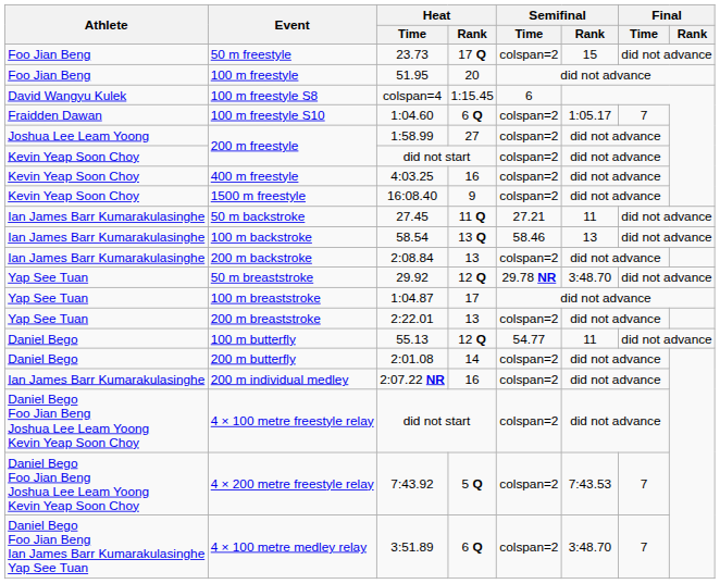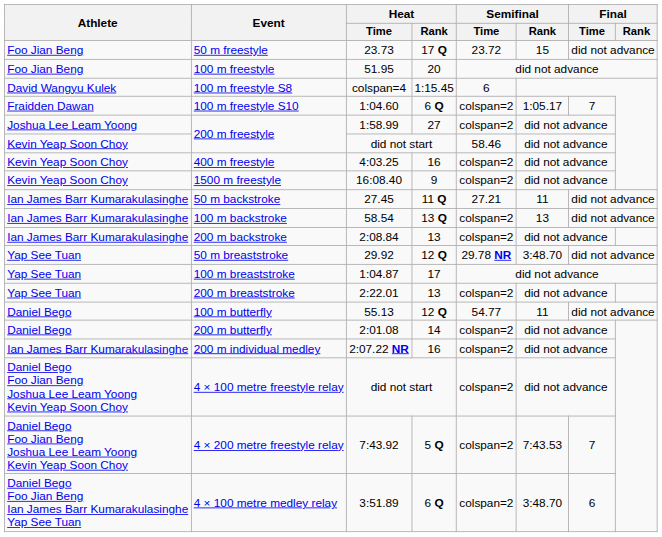 <table class=wikitable style=font-size:90%>
 <tr>
 <th rowspan=2>Athlete</th>
 <th rowspan=2>Event</th>
 <th colspan=2>Heat</th>
 <th colspan=2>Semifinal</th>
 <th colspan=2>Final</th>
 </tr>
 <tr style=font-size:95%>
 <th>Time</th>
 <th>Rank</th>
 <th>Time</th>
 <th>Rank</th>
 <th>Time</th>
 <th>Rank</th>
 </tr>
 <tr align=center>
 <td align=left><a href='#'>Foo Jian Beng</a></td>
 <td align=left><a href='#'>50 m freestyle</a></td>
 <td>23.73</td>
 <td>17 <strong>Q</strong></td>
-<td>colspan=2 </td>
+<td>23.72</td>
 <td>15</td>
 <td colspan=2>did not advance</td>
 </tr>
 <tr align=center>
 <td align=left><a href='#'>Foo Jian Beng</a></td>
 <td align=left><a href='#'>100 m freestyle</a></td>
 <td>51.95</td>
 <td>20</td>
 <td colspan=4>did not advance</td>
 </tr>
 <tr align=center>
 <td align=left><a href='#'>David Wangyu Kulek</a></td>
 <td align=left><a href='#'>100 m freestyle S8</a></td>
 <td>colspan=4 </td>
 <td>1:15.45</td>
 <td>6</td>
 </tr>
 <tr align=center>
 <td align=left><a href='#'>Fraidden Dawan</a></td>
 <td align=left><a href='#'>100 m freestyle S10</a></td>
 <td>1:04.60</td>
 <td>6 <strong>Q</strong></td>
 <td>colspan=2 </td>
 <td>1:05.17</td>
 <td>7</td>
 </tr>
 <tr align=center>
 <td align=left><a href='#'>Joshua Lee Leam Yoong</a></td>
 <td align=left rowspan=2><a href='#'>200 m freestyle</a></td>
 <td>1:58.99</td>
 <td>27</td>
 <td>colspan=2 </td>
 <td colspan=2>did not advance</td>
 </tr>
 <tr align=center>
 <td align=left><a href='#'>Kevin Yeap Soon Choy</a></td>
 <td colspan=2>did not start</td>
-<td>colspan=2 </td>
+<td>58.46</td>
 <td colspan=2>did not advance</td>
 </tr>
 <tr align=center>
 <td align=left><a href='#'>Kevin Yeap Soon Choy</a></td>
 <td align=left><a href='#'>400 m freestyle</a></td>
 <td>4:03.25</td>
 <td>16</td>
 <td>colspan=2 </td>
 <td colspan=2>did not advance</td>
 </tr>
 <tr align=center>
 <td align=left><a href='#'>Kevin Yeap Soon Choy</a></td>
 <td align=left><a href='#'>1500 m freestyle</a></td>
 <td>16:08.40</td>
 <td>9</td>
 <td>colspan=2 </td>
 <td colspan=2>did not advance</td>
 </tr>
 <tr align=center>
 <td align=left><a href='#'>Ian James Barr Kumarakulasinghe</a></td>
 <td align=left><a href='#'>50 m backstroke</a></td>
 <td>27.45</td>
 <td>11 <strong>Q</strong></td>
 <td>27.21</td>
 <td>11</td>
 <td colspan=2>did not advance</td>
 </tr>
 <tr align=center>
 <td align=left><a href='#'>Ian James Barr Kumarakulasinghe</a></td>
 <td align=left><a href='#'>100 m backstroke</a></td>
 <td>58.54</td>
 <td>13 <strong>Q</strong></td>
-<td>58.46</td>
+<td>colspan=2 </td>
 <td>13</td>
 <td colspan=2>did not advance</td>
 </tr>
 <tr align=center>
 <td align=left><a href='#'>Ian James Barr Kumarakulasinghe</a></td>
 <td align=left><a href='#'>200 m backstroke</a></td>
 <td>2:08.84</td>
 <td>13</td>
 <td>colspan=2 </td>
 <td colspan=2>did not advance</td>
 </tr>
 <tr align=center>
 <td align=left><a href='#'>Yap See Tuan</a></td>
 <td align=left><a href='#'>50 m breaststroke</a></td>
 <td>29.92</td>
 <td>12 <strong>Q</strong></td>
 <td>29.78 <strong><a href='#'>NR</a></strong></td>
 <td>3:48.70</td>
 <td colspan=2>did not advance</td>
 </tr>
 <tr align=center>
 <td align=left><a href='#'>Yap See Tuan</a></td>
 <td align=left><a href='#'>100 m breaststroke</a></td>
 <td>1:04.87</td>
 <td>17</td>
 <td colspan=4>did not advance</td>
 </tr>
 <tr align=center>
 <td align=left><a href='#'>Yap See Tuan</a></td>
 <td align=left><a href='#'>200 m breaststroke</a></td>
 <td>2:22.01</td>
 <td>13</td>
 <td>colspan=2 </td>
 <td colspan=2>did not advance</td>
 </tr>
 <tr align=center>
 <td align=left><a href='#'>Daniel Bego</a></td>
 <td align=left><a href='#'>100 m butterfly</a></td>
 <td>55.13</td>
 <td>12 <strong>Q</strong></td>
 <td>54.77</td>
 <td>11</td>
 <td colspan=2>did not advance</td>
 </tr>
 <tr align=center>
 <td align=left><a href='#'>Daniel Bego</a></td>
 <td align=left><a href='#'>200 m butterfly</a></td>
 <td>2:01.08</td>
 <td>14</td>
 <td>colspan=2 </td>
 <td colspan=2>did not advance</td>
 </tr>
 <tr align=center>
 <td align=left><a href='#'>Ian James Barr Kumarakulasinghe</a></td>
 <td align=left><a href='#'>200 m individual medley</a></td>
 <td>2:07.22 <strong><a href='#'>NR</a></strong></td>
 <td>16</td>
 <td>colspan=2 </td>
 <td colspan=2>did not advance</td>
 </tr>
 <tr align=center>
 <td align=left><a href='#'>Daniel Bego</a><br><a href='#'>Foo Jian Beng</a><br><a href='#'>Joshua Lee Leam Yoong</a><br><a href='#'>Kevin Yeap Soon Choy</a></td>
 <td align=left><a href='#'>4 × 100 metre freestyle relay</a></td>
 <td colspan=2>did not start</td>
 <td>colspan=2 </td>
 <td colspan=2>did not advance</td>
 </tr>
 <tr align=center>
 <td align=left><a href='#'>Daniel Bego</a><br><a href='#'>Foo Jian Beng</a><br><a href='#'>Joshua Lee Leam Yoong</a><br><a href='#'>Kevin Yeap Soon Choy</a></td>
 <td align=left><a href='#'>4 × 200 metre freestyle relay</a></td>
 <td>7:43.92</td>
 <td>5 <strong>Q</strong></td>
 <td>colspan=2 </td>
 <td>7:43.53</td>
 <td>7</td>
 </tr>
 <tr align=center>
 <td align=left><a href='#'>Daniel Bego</a><br><a href='#'>Foo Jian Beng</a><br><a href='#'>Ian James Barr Kumarakulasinghe</a><br><a href='#'>Yap See Tuan</a></td>
 <td align=left><a href='#'>4 × 100 metre medley relay</a></td>
 <td>3:51.89</td>
 <td>6 <strong>Q</strong></td>
 <td>colspan=2 </td>
 <td>3:48.70</td>
-<td>7</td>
+<td>6</td>
 </tr>
 </table>
